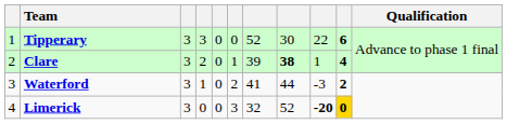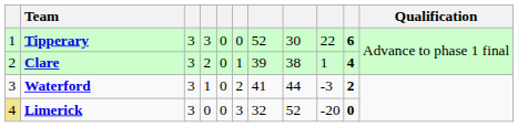 <table class="wikitable">
 <tr>
 <th width="10"></th>
 <th width="170" style="text-align:left;">Team</th>
 <th width="10"></th>
 <th width="10"></th>
 <th width="10"></th>
 <th width="10"></th>
 <th width="30"></th>
 <th width="30"></th>
 <th width="10"></th>
 <th width="10"></th>
 <th>Qualification</th>
 </tr>
 <tr style="background:#ccffcc">
 <td>1</td>
 <td align="left"><strong> <a href='#'>Tipperary</a></strong></td>
 <td>3</td>
 <td>3</td>
 <td>0</td>
 <td>0</td>
 <td>52</td>
 <td>30</td>
 <td>22</td>
 <td><strong>6</strong></td>
 <td rowspan="2">Advance to phase 1 final</td>
 </tr>
 <tr style="background:#ccffcc">
 <td>2</td>
 <td align="left"><strong> <a href='#'>Clare</a></strong></td>
 <td>3</td>
 <td>2</td>
 <td>0</td>
 <td>1</td>
 <td>39</td>
-<td><strong>38</strong></td>
+<td>38</td>
 <td>1</td>
 <td><strong>4</strong></td>
 </tr>
 <tr>
 <td>3</td>
 <td align="left"><strong> <a href='#'>Waterford</a></strong></td>
 <td>3</td>
 <td>1</td>
 <td>0</td>
 <td>2</td>
 <td>41</td>
 <td>44</td>
 <td>-3</td>
 <td><strong>2</strong></td>
 <td rowspan="2"></td>
 </tr>
 <tr>
-<td>4</td>
+<td style="background: khaki;">4</td>
 <td align="left"><strong> <a href='#'>Limerick</a></strong></td>
 <td>3</td>
 <td>0</td>
 <td>0</td>
 <td>3</td>
 <td>32</td>
 <td>52</td>
-<td><strong>-20</strong></td>
-<td style="background: gold;"><strong>0</strong></td>
+<td>-20</td>
+<td><strong>0</strong></td>
 </tr>
 </table>
